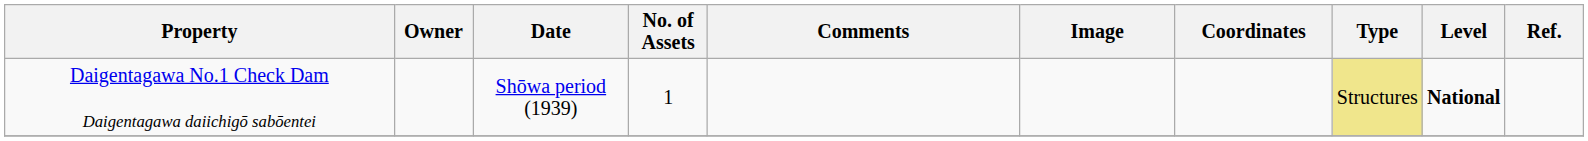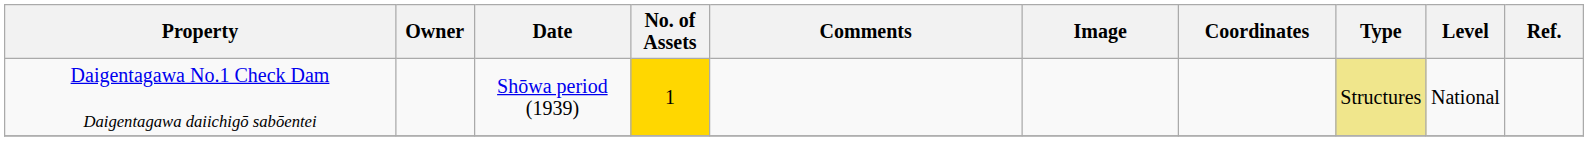 <table class="wikitable sortable"  style="width:100%;">
 <tr>
 <th width="25%" align="left">Property</th>
 <th width="5%" align="left">Owner</th>
 <th width="10%" align="left">Date</th>
 <th width="5%" align="left" class="unsortable">No. of Assets</th>
 <th width="20%" align="left" class="unsortable">Comments</th>
 <th width="10%" align="left"  class="unsortable">Image</th>
 <th width="10%" align="left" class="unsortable">Coordinates</th>
 <th width="5%" align="left">Type</th>
 <th width="5%" align="left">Level</th>
 <th width="5%" align="left"  class="unsortable">Ref.</th>
 </tr>
 <tr>
 <td align="center"><a href='#'>Daigentagawa No.1 Check Dam</a><br><br><small><em>Daigentagawa daiichigō sabōentei</em></small></td>
 <td></td>
 <td align="center"><a href='#'>Shōwa period</a><br>(1939)</td>
-<td align="center">1</td>
+<td align="center" style="background: gold;">1</td>
 <td></td>
 <td></td>
 <td></td>
 <td align="center" style="background: khaki;">Structures</td>
-<td align="center"><strong>National</strong></td>
+<td align="center">National</td>
 <td></td>
 </tr>
 <tr>
 </tr>
 </table>
